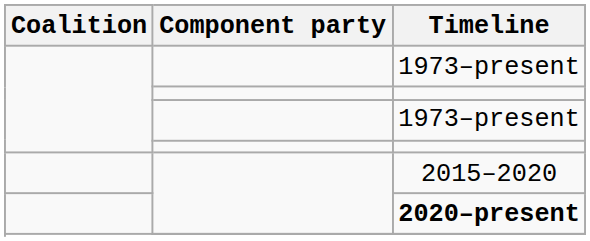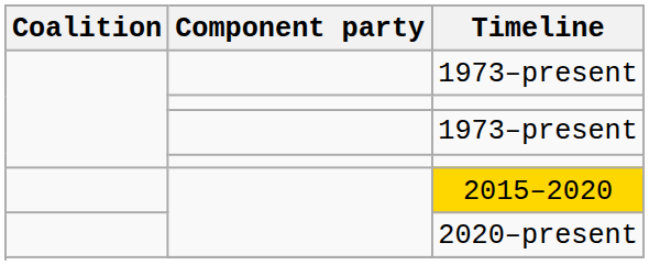 <table class="wikitable">
 <tr>
 <th>Coalition</th>
 <th>Component party</th>
 <th>Timeline</th>
 </tr>
 <tr>
 <td rowspan=4></td>
 <td></td>
 <td align=center>1973–present</td>
 </tr>
 <tr>
 <td></td>
 <td align=center></td>
 </tr>
 <tr>
 <td></td>
 <td align=center>1973–present</td>
 </tr>
 <tr>
 <td></td>
 <td align=center></td>
 </tr>
 <tr>
 <td></td>
 <td rowspan=2></td>
-<td align=center>2015–2020</td>
+<td align=center style="background: gold;">2015–2020</td>
 </tr>
 <tr>
 <td rowspan=2></td>
-<td align=center><strong>2020–present</strong></td>
+<td align=center>2020–present</td>
 </tr>
 <tr>
 </tr>
 </table>
